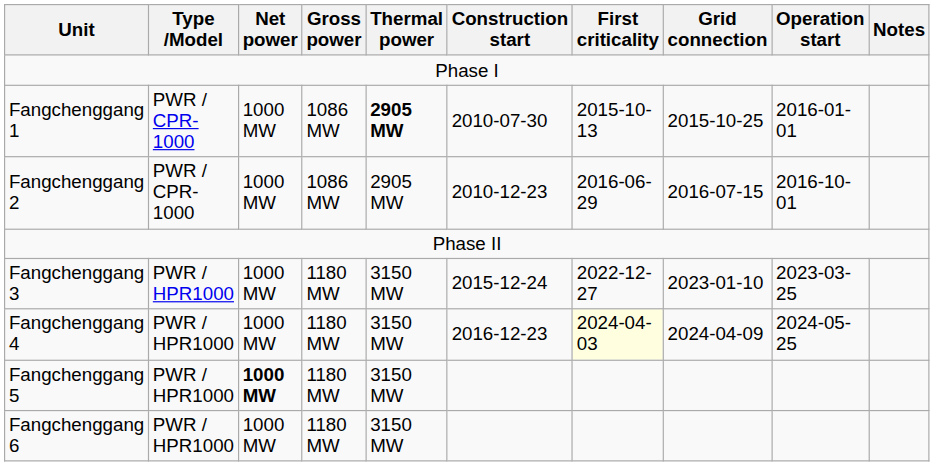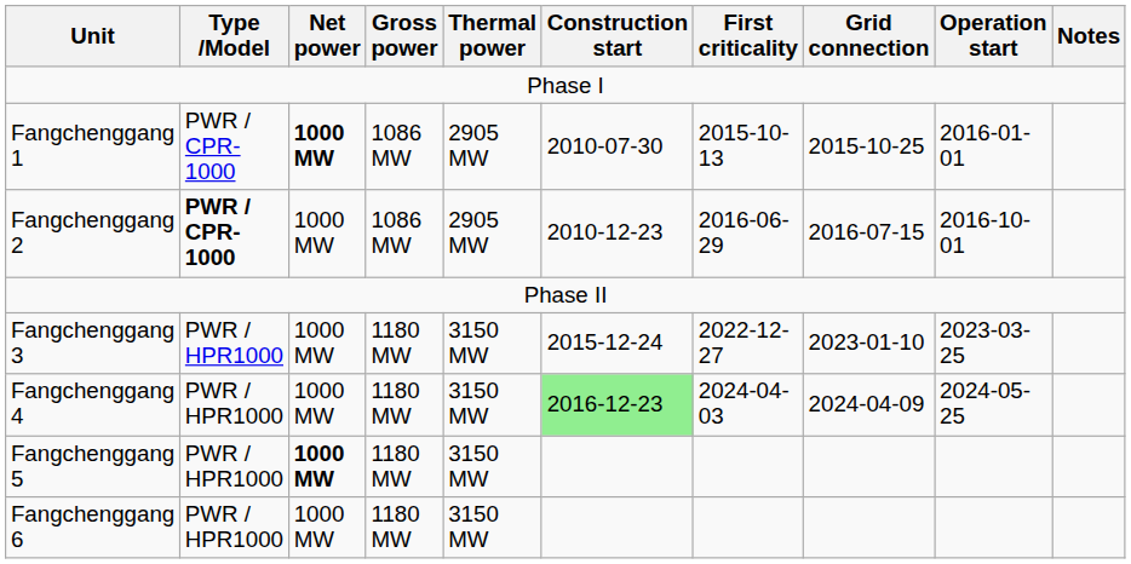 <table class="wikitable">
 <tr>
 <th>Unit</th>
 <th>Type /Model</th>
 <th>Net <br> power</th>
 <th>Gross <br> power</th>
 <th>Thermal <br> power</th>
 <th>Construction <br> start</th>
 <th>First <br>criticality</th>
 <th>Grid <br>connection</th>
 <th>Operation <br>start</th>
 <th>Notes</th>
 </tr>
 <tr>
 <td colspan="10" align="center">Phase I</td>
 </tr>
 <tr>
 <td>Fangchenggang 1</td>
 <td>PWR / <a href='#'>CPR-1000</a></td>
-<td>1000 MW</td>
+<td><strong>1000 MW</strong></td>
 <td>1086 MW</td>
-<td><strong>2905 MW</strong></td>
+<td>2905 MW</td>
 <td>2010-07-30</td>
 <td>2015-10-13</td>
 <td>2015-10-25</td>
 <td>2016-01-01</td>
 <td></td>
 </tr>
 <tr>
 <td>Fangchenggang 2</td>
-<td>PWR / CPR-1000</td>
+<td><strong>PWR / CPR-1000</strong></td>
 <td>1000 MW</td>
 <td>1086 MW</td>
 <td>2905 MW</td>
 <td>2010-12-23</td>
 <td>2016-06-29</td>
 <td>2016-07-15</td>
 <td>2016-10-01</td>
 <td></td>
 </tr>
 <tr>
 <td colspan="10" align="center">Phase II</td>
 </tr>
 <tr>
 <td>Fangchenggang 3</td>
 <td>PWR / <a href='#'>HPR1000</a></td>
 <td>1000 MW</td>
 <td>1180 MW</td>
 <td>3150 MW</td>
 <td>2015-12-24</td>
 <td>2022-12-27</td>
 <td>2023-01-10</td>
 <td>2023-03-25</td>
 <td></td>
 </tr>
 <tr>
 <td>Fangchenggang 4</td>
 <td>PWR / HPR1000</td>
 <td>1000 MW</td>
 <td>1180 MW</td>
 <td>3150 MW</td>
-<td>2016-12-23</td>
-<td style="background: lightyellow;">2024-04-03</td>
+<td style="background: lightgreen;">2016-12-23</td>
+<td>2024-04-03</td>
 <td>2024-04-09</td>
 <td>2024-05-25</td>
 <td></td>
 </tr>
 <tr>
 <td>Fangchenggang 5</td>
 <td>PWR / HPR1000</td>
 <td><strong>1000 MW</strong></td>
 <td>1180 MW</td>
 <td>3150 MW</td>
 <td></td>
 <td></td>
 <td></td>
 <td></td>
 <td></td>
 </tr>
 <tr>
 <td>Fangchenggang 6</td>
 <td>PWR / HPR1000</td>
 <td>1000 MW</td>
 <td>1180 MW</td>
 <td>3150 MW</td>
 <td></td>
 <td></td>
 <td></td>
 <td></td>
 <td></td>
 </tr>
 </table>
